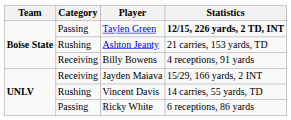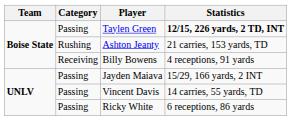 <table class="wikitable" style="float: right;">
 <tr>
 <th>Team</th>
 <th>Category</th>
 <th>Player</th>
 <th>Statistics</th>
 </tr>
 <tr>
 <td rowspan=3><strong>Boise State</strong></td>
 <td>Passing</td>
 <td><a href='#'>Taylen Green</a></td>
 <td><strong>12/15, 226 yards, 2 TD, INT</strong></td>
 </tr>
 <tr>
 <td>Rushing</td>
 <td><a href='#'>Ashton Jeanty</a></td>
 <td>21 carries, 153 yards, TD</td>
 </tr>
 <tr>
 <td>Receiving</td>
 <td>Billy Bowens</td>
 <td>4 receptions, 91 yards</td>
 </tr>
 <tr>
 <td rowspan=3><strong>UNLV</strong></td>
-<td>Receiving</td>
+<td>Passing</td>
 <td>Jayden Maiava</td>
 <td>15/29, 166 yards, 2 INT</td>
 </tr>
 <tr>
-<td>Rushing</td>
+<td>Passing</td>
 <td>Vincent Davis</td>
 <td>14 carries, 55 yards, TD</td>
 </tr>
 <tr>
 <td>Passing</td>
 <td>Ricky White</td>
 <td>6 receptions, 86 yards</td>
 </tr>
 </table>
